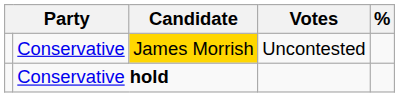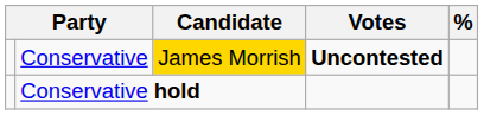 <table class="wikitable">
 <tr>
 <th colspan="2">Party</th>
 <th>Candidate</th>
 <th>Votes</th>
 <th>%</th>
 </tr>
 <tr>
 <td></td>
 <td><a href='#'>Conservative</a></td>
 <td style="background: gold;">James Morrish</td>
-<td>Uncontested</td>
+<td><strong>Uncontested</strong></td>
 <td></td>
 </tr>
 <tr>
 <td></td>
 <td colspan="2"><a href='#'>Conservative</a> <strong>hold</strong></td>
 <td></td>
 <td></td>
 </tr>
 </table>
